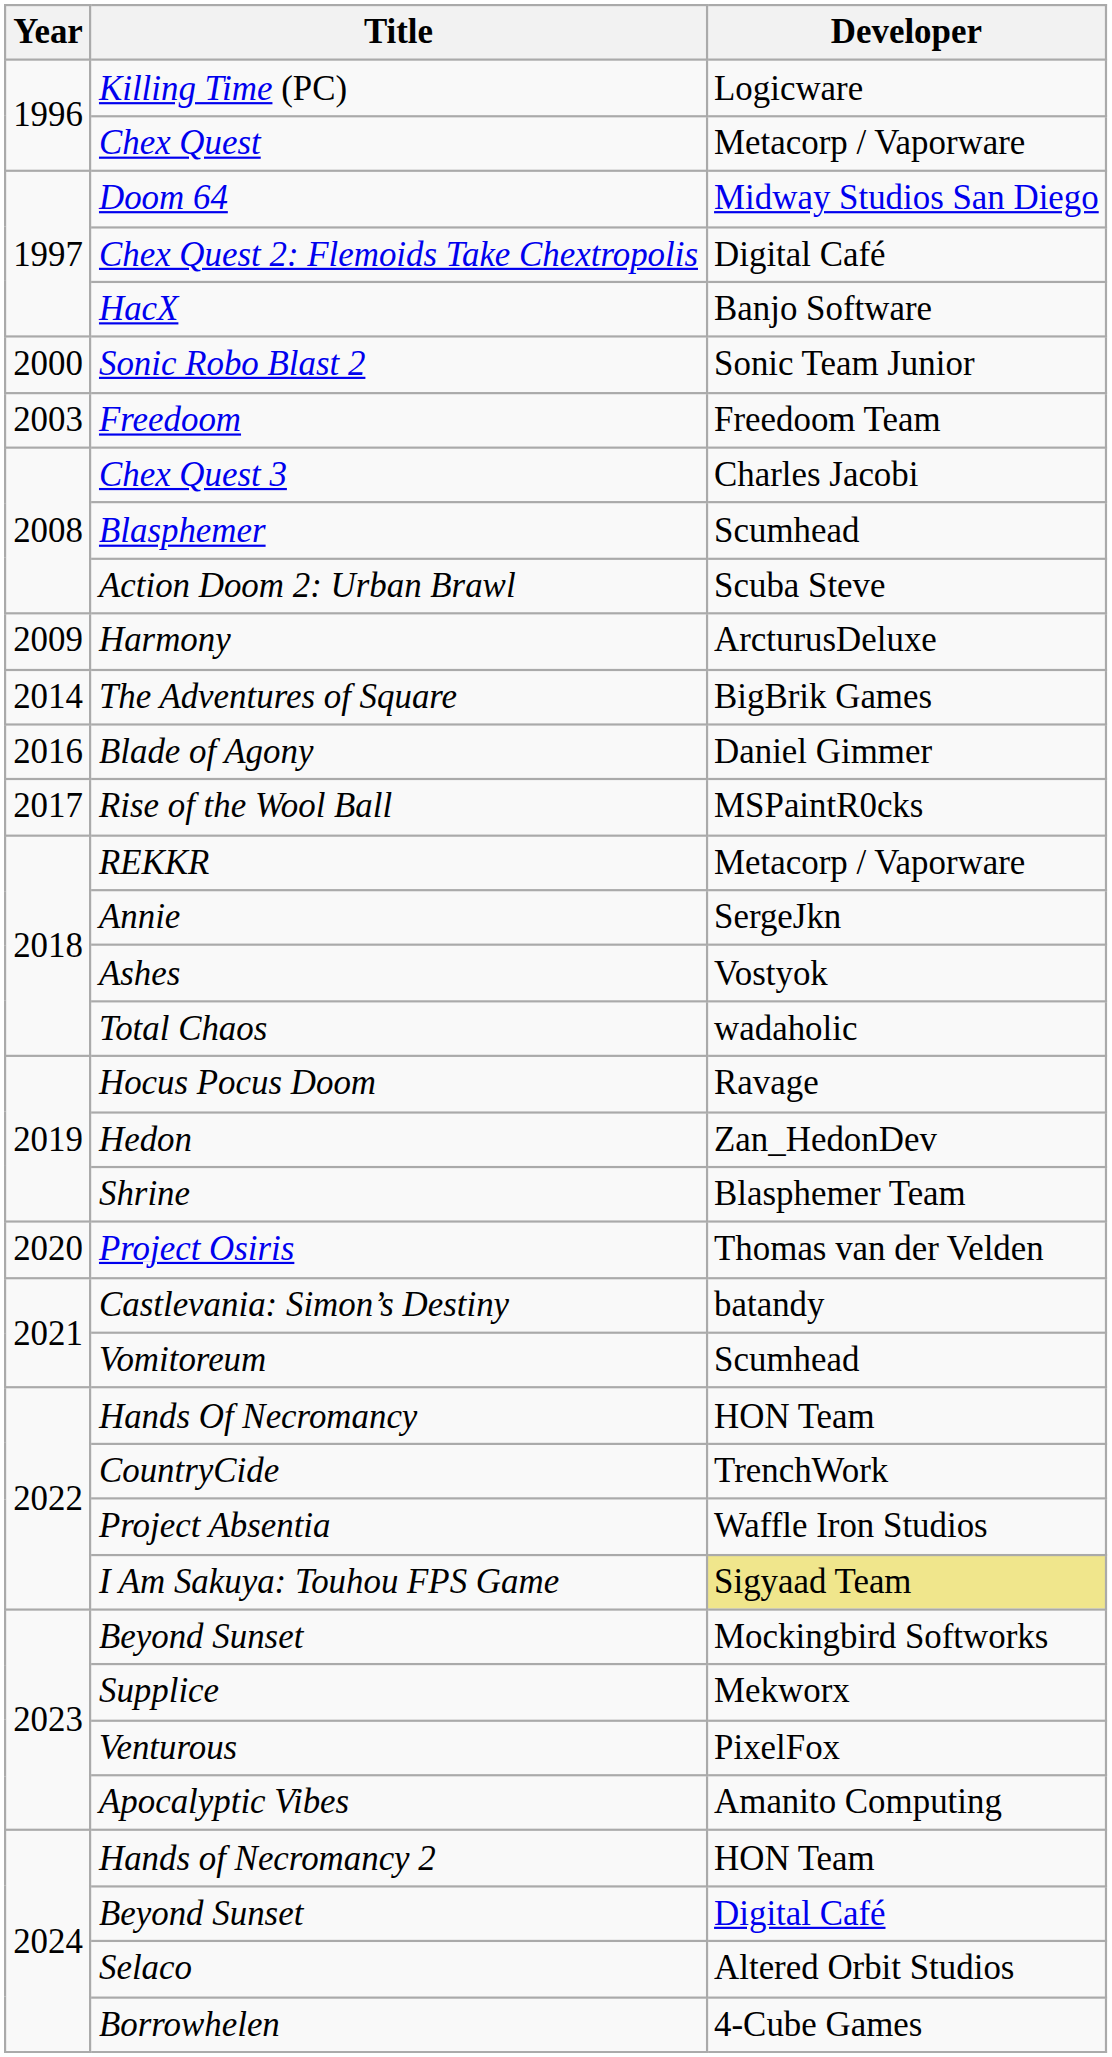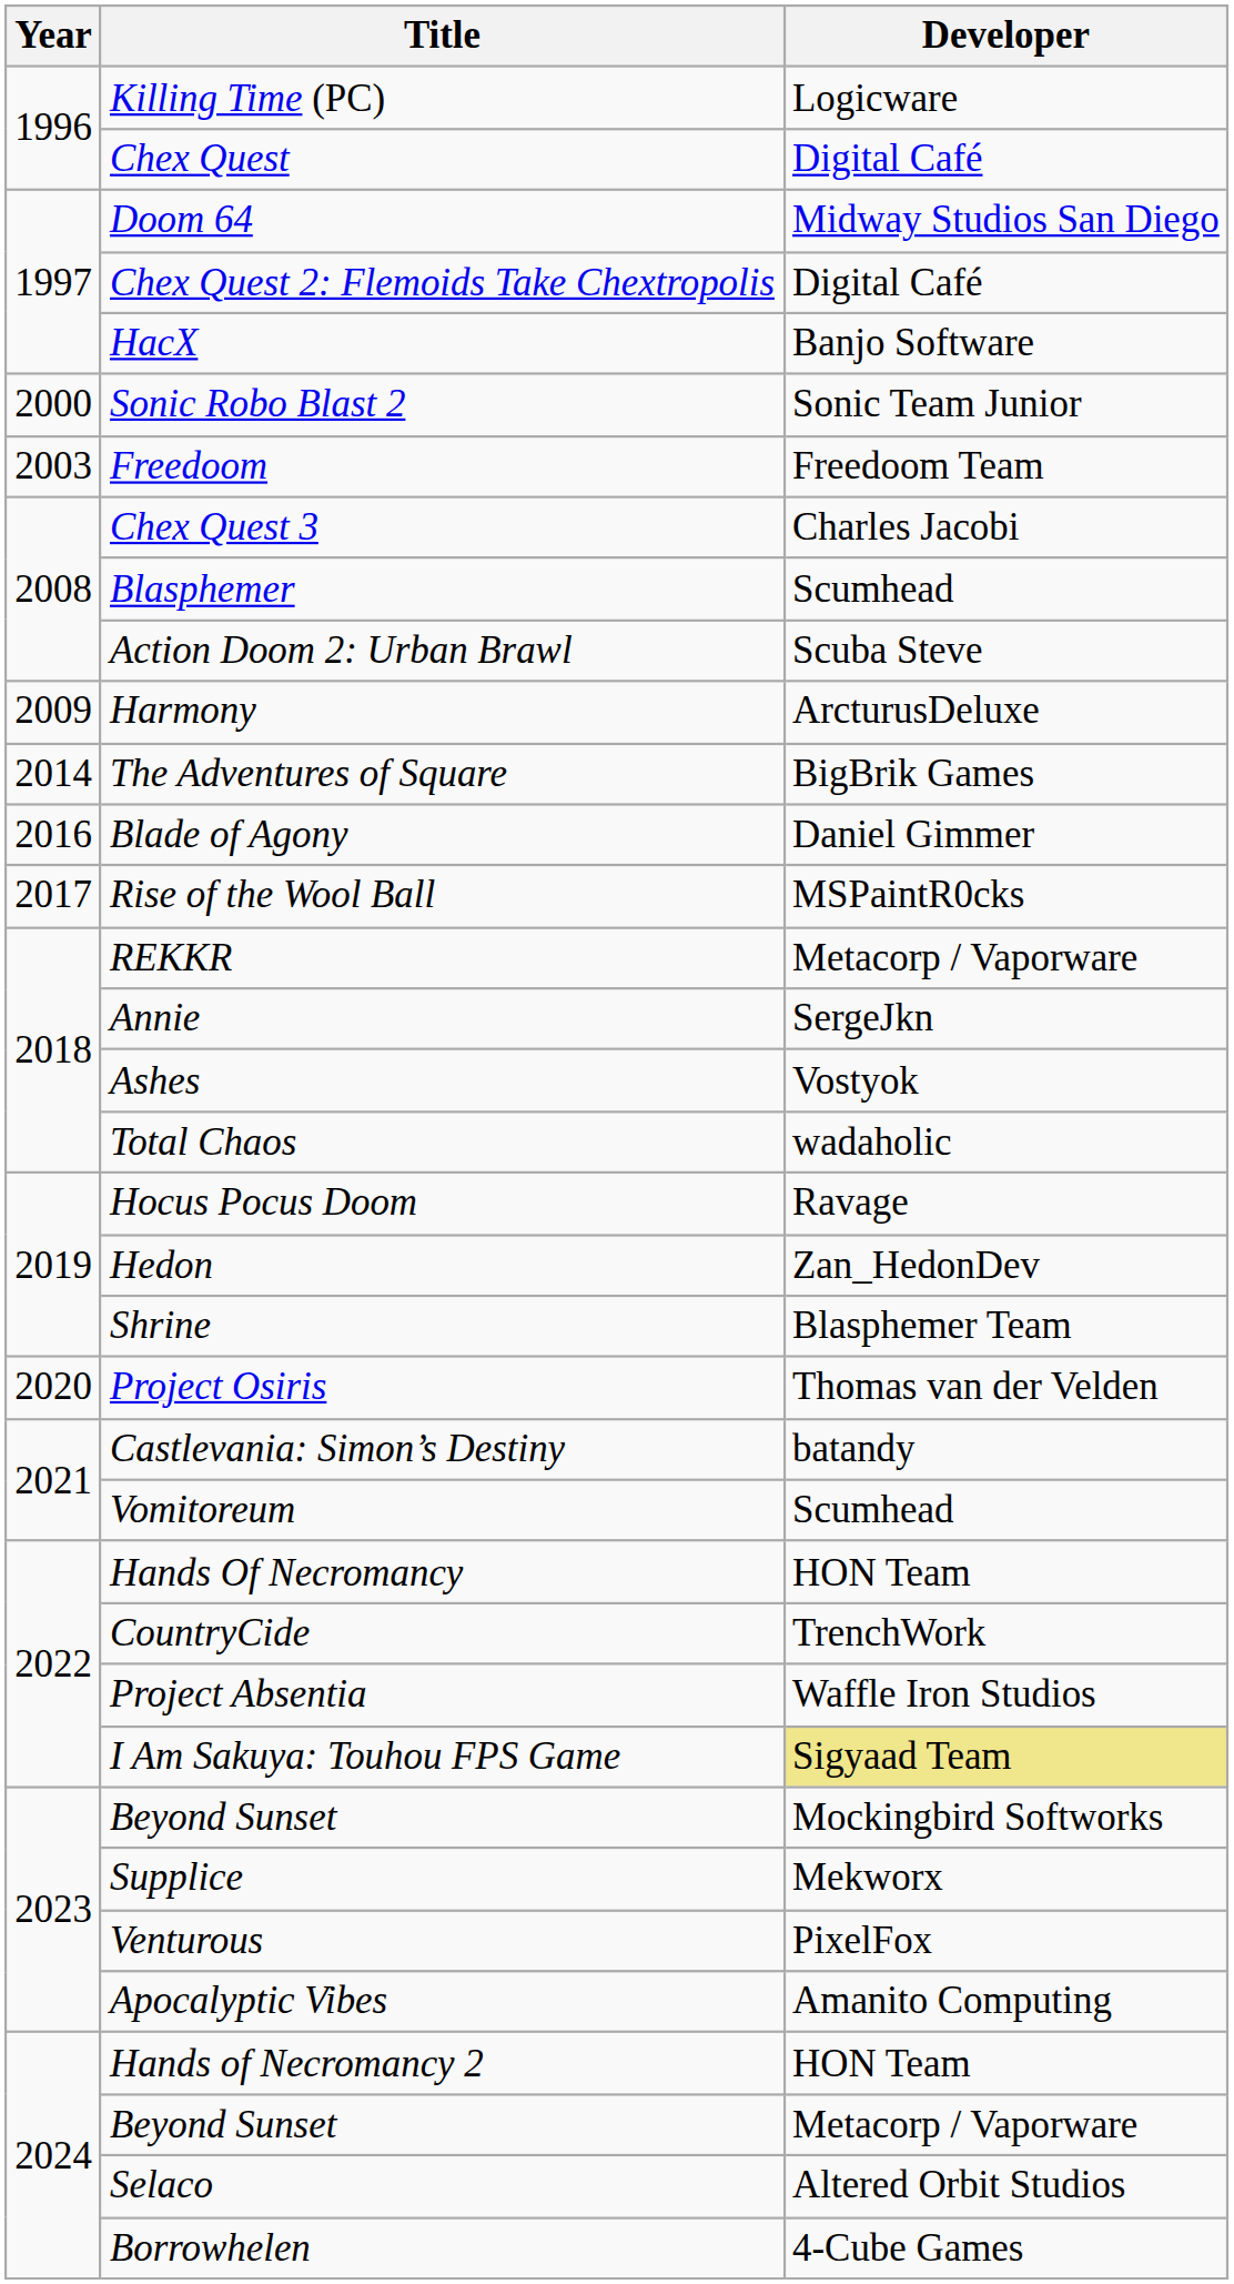 <table class="wikitable sortable">
 <tr>
 <th>Year</th>
 <th>Title</th>
 <th>Developer</th>
 </tr>
 <tr>
 <td rowspan="2">1996</td>
 <td><em><a href='#'>Killing Time</a></em> (PC)</td>
 <td>Logicware</td>
 </tr>
 <tr>
 <td><em><a href='#'>Chex Quest</a></em></td>
-<td>Metacorp / Vaporware</td>
+<td><a href='#'>Digital Café</a></td>
 </tr>
 <tr>
 <td rowspan="3">1997</td>
 <td><em><a href='#'>Doom 64</a></em></td>
 <td><a href='#'>Midway Studios San Diego</a></td>
 </tr>
 <tr>
 <td><em><a href='#'>Chex Quest 2: Flemoids Take Chextropolis</a></em></td>
 <td>Digital Café</td>
 </tr>
 <tr>
 <td><em><a href='#'>HacX</a></em></td>
 <td>Banjo Software</td>
 </tr>
 <tr>
 <td>2000</td>
 <td><em><a href='#'>Sonic Robo Blast 2</a></em></td>
 <td>Sonic Team Junior</td>
 </tr>
 <tr>
 <td>2003</td>
 <td><em><a href='#'>Freedoom</a></em></td>
 <td>Freedoom Team</td>
 </tr>
 <tr>
 <td rowspan="3">2008</td>
 <td><em><a href='#'>Chex Quest 3</a></em></td>
 <td>Charles Jacobi</td>
 </tr>
 <tr>
 <td><em><a href='#'>Blasphemer</a></em></td>
 <td>Scumhead</td>
 </tr>
 <tr>
 <td><em>Action Doom 2: Urban Brawl</em></td>
 <td>Scuba Steve</td>
 </tr>
 <tr>
 <td>2009</td>
 <td><em>Harmony</em></td>
 <td>ArcturusDeluxe</td>
 </tr>
 <tr>
 <td>2014</td>
 <td><em>The Adventures of Square</em></td>
 <td>BigBrik Games</td>
 </tr>
 <tr>
 <td>2016</td>
 <td><em>Blade of Agony</em></td>
 <td>Daniel Gimmer</td>
 </tr>
 <tr>
 <td>2017</td>
 <td><em>Rise of the Wool Ball</em></td>
 <td>MSPaintR0cks</td>
 </tr>
 <tr>
 <td rowspan="4">2018</td>
 <td><em>REKKR</em></td>
 <td>Metacorp / Vaporware</td>
 </tr>
 <tr>
 <td><em>Annie</em></td>
 <td>SergeJkn</td>
 </tr>
 <tr>
 <td><em>Ashes</em></td>
 <td>Vostyok</td>
 </tr>
 <tr>
 <td><em>Total Chaos</em></td>
 <td>wadaholic</td>
 </tr>
 <tr>
 <td rowspan="3">2019</td>
 <td><em>Hocus Pocus Doom</em></td>
 <td>Ravage</td>
 </tr>
 <tr>
 <td><em>Hedon</em></td>
 <td>Zan_HedonDev</td>
 </tr>
 <tr>
 <td><em>Shrine</em></td>
 <td>Blasphemer Team</td>
 </tr>
 <tr>
 <td>2020</td>
 <td><em><a href='#'>Project Osiris</a></em></td>
 <td>Thomas van der Velden</td>
 </tr>
 <tr>
 <td rowspan="2">2021</td>
 <td><em>Castlevania: Simon’s Destiny</em></td>
 <td>batandy</td>
 </tr>
 <tr>
 <td><em>Vomitoreum</em></td>
 <td>Scumhead</td>
 </tr>
 <tr>
 <td rowspan="4">2022</td>
 <td><em>Hands Of Necromancy</em></td>
 <td>HON Team</td>
 </tr>
 <tr>
 <td><em>CountryCide</em></td>
 <td>TrenchWork</td>
 </tr>
 <tr>
 <td><em>Project Absentia</em></td>
 <td>Waffle Iron Studios</td>
 </tr>
 <tr>
 <td><em>I Am Sakuya: Touhou FPS Game</em></td>
 <td style="background: khaki;">Sigyaad Team</td>
 </tr>
 <tr>
 <td rowspan="4">2023</td>
 <td><em>Beyond Sunset</em></td>
 <td>Mockingbird Softworks</td>
 </tr>
 <tr>
 <td><em>Supplice</em></td>
 <td>Mekworx</td>
 </tr>
 <tr>
 <td><em>Venturous</em></td>
 <td>PixelFox</td>
 </tr>
 <tr>
 <td><em>Apocalyptic Vibes</em></td>
 <td>Amanito Computing</td>
 </tr>
 <tr>
 <td rowspan="4">2024</td>
 <td><em>Hands of Necromancy 2</em></td>
 <td>HON Team</td>
 </tr>
 <tr>
 <td><em>Beyond Sunset</em></td>
-<td><a href='#'>Digital Café</a></td>
+<td>Metacorp / Vaporware</td>
 </tr>
 <tr>
 <td><em>Selaco</em></td>
 <td>Altered Orbit Studios</td>
 </tr>
 <tr>
 <td><em>Borrowhelen</em></td>
 <td>4-Cube Games</td>
 </tr>
 </table>
